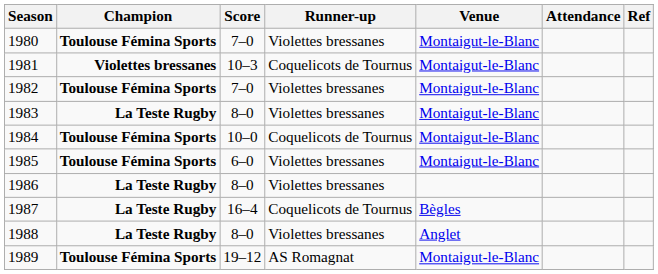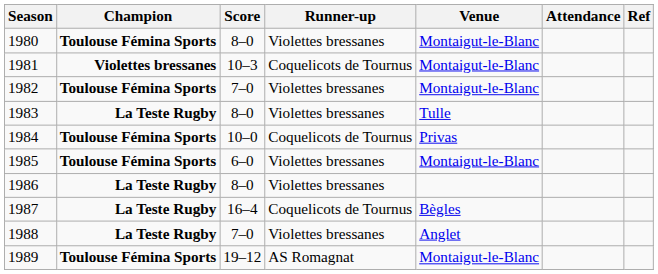 <table class="wikitable">
 <tr>
 <th>Season</th>
 <th> Champion</th>
 <th>Score</th>
 <th> Runner-up</th>
 <th>Venue</th>
 <th>Attendance</th>
 <th>Ref</th>
 </tr>
 <tr>
 <td>1980</td>
 <td style="text-align:right;"><strong>Toulouse Fémina Sports</strong></td>
-<td style="text-align:center;">7–0</td>
+<td style="text-align:center;">8–0</td>
 <td style="text-align:left;">Violettes bressanes</td>
 <td><a href='#'>Montaigut-le-Blanc</a></td>
 <td></td>
 <td></td>
 </tr>
 <tr>
 <td>1981</td>
 <td style="text-align:right;"><strong>Violettes bressanes</strong></td>
 <td style="text-align:center;">10–3</td>
 <td style="text-align:Left;">Coquelicots de Tournus</td>
 <td><a href='#'>Montaigut-le-Blanc</a></td>
 <td></td>
 <td></td>
 </tr>
 <tr>
 <td>1982</td>
 <td style="text-align:right;"><strong>Toulouse Fémina Sports</strong></td>
 <td style="text-align:center;">7–0</td>
 <td style="text-align:left;">Violettes bressanes</td>
 <td><a href='#'>Montaigut-le-Blanc</a></td>
 <td></td>
 <td></td>
 </tr>
 <tr>
 <td>1983</td>
 <td style="text-align:right;"><strong>La Teste Rugby</strong></td>
 <td style="text-align:center;">8–0</td>
 <td style="text-align:left;">Violettes bressanes</td>
-<td><a href='#'>Montaigut-le-Blanc</a></td>
+<td><a href='#'>Tulle</a></td>
 <td></td>
 <td></td>
 </tr>
 <tr>
 <td>1984</td>
 <td style="text-align:right;"><strong>Toulouse Fémina Sports</strong></td>
 <td style="text-align:center;">10–0</td>
 <td style="text-align:left;">Coquelicots de Tournus</td>
-<td><a href='#'>Montaigut-le-Blanc</a></td>
+<td><a href='#'>Privas</a></td>
 <td></td>
 <td></td>
 </tr>
 <tr>
 <td>1985</td>
 <td style="text-align:right;"><strong>Toulouse Fémina Sports</strong></td>
 <td style="text-align:center;">6–0</td>
 <td style="text-align:left;">Violettes bressanes</td>
 <td><a href='#'>Montaigut-le-Blanc</a></td>
 <td></td>
 <td></td>
 </tr>
 <tr>
 <td>1986</td>
 <td style="text-align:right;"><strong>La Teste Rugby</strong></td>
 <td style="text-align:center;">8–0</td>
 <td style="text-align:left;">Violettes bressanes</td>
 <td></td>
 <td></td>
 <td></td>
 </tr>
 <tr>
 <td>1987</td>
 <td style="text-align:right;"><strong>La Teste Rugby</strong></td>
 <td style="text-align:center;">16–4</td>
 <td style="text-align:left;">Coquelicots de Tournus</td>
 <td><a href='#'>Bègles</a></td>
 <td></td>
 <td></td>
 </tr>
 <tr>
 <td>1988</td>
 <td style="text-align:right;"><strong>La Teste Rugby</strong></td>
-<td style="text-align:center;">8–0</td>
+<td style="text-align:center;">7–0</td>
 <td style="text-align:left;">Violettes bressanes</td>
 <td><a href='#'>Anglet</a></td>
 <td></td>
 <td></td>
 </tr>
 <tr>
 <td>1989</td>
 <td style="text-align:right;"><strong>Toulouse Fémina Sports</strong></td>
 <td style="text-align:center;">19–12</td>
 <td style="text-align:left;">AS Romagnat</td>
 <td><a href='#'>Montaigut-le-Blanc</a></td>
 <td></td>
 </tr>
 </table>
